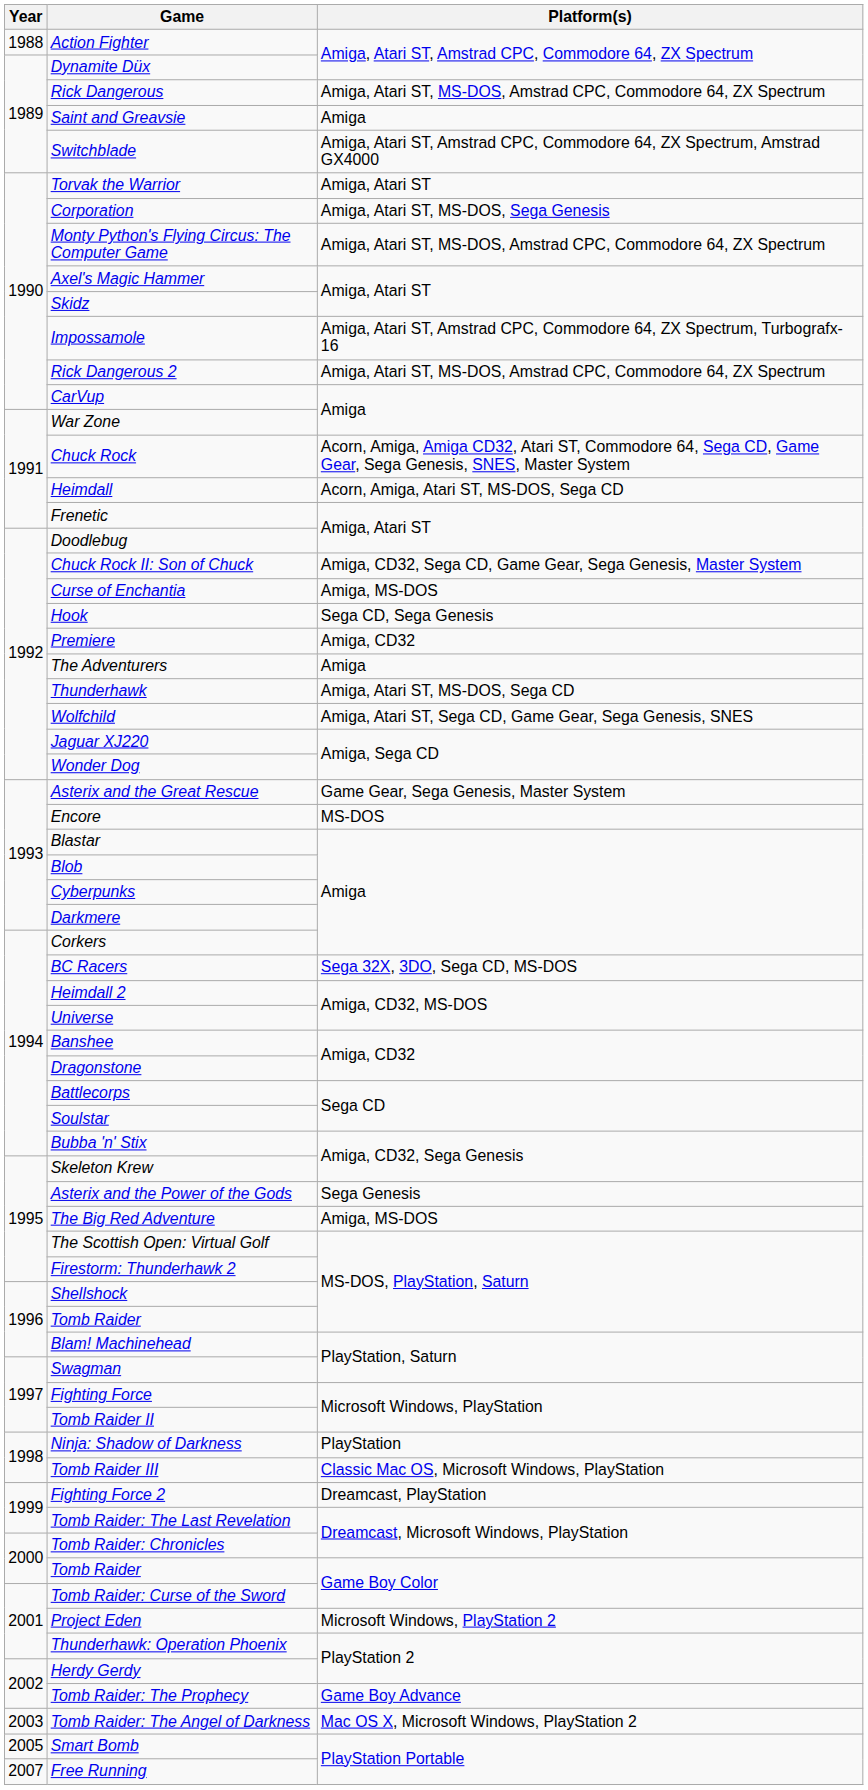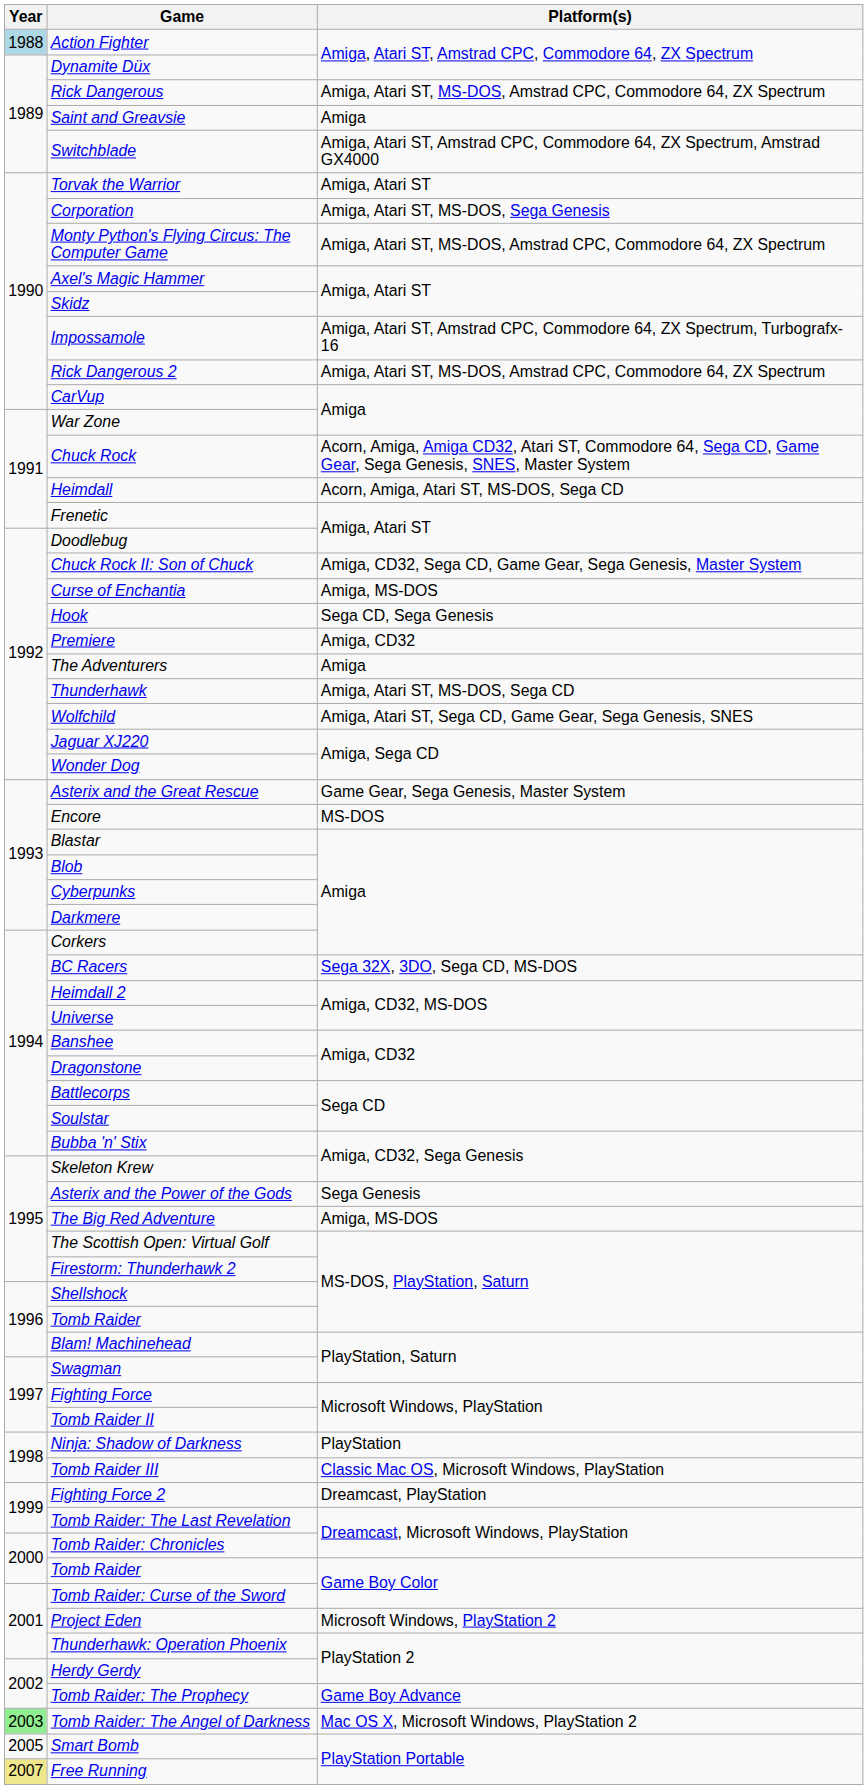 <table class="wikitable sortable">
 <tr>
 <th>Year</th>
 <th>Game</th>
 <th>Platform(s)</th>
 </tr>
 <tr>
-<td>1988</td>
+<td style="background: lightblue;">1988</td>
 <td><em><a href='#'>Action Fighter</a></em></td>
 <td rowspan="2"><a href='#'>Amiga</a>, <a href='#'>Atari ST</a>, <a href='#'>Amstrad CPC</a>, <a href='#'>Commodore 64</a>, <a href='#'>ZX Spectrum</a></td>
 </tr>
 <tr>
 <td rowspan="4">1989</td>
 <td><em><a href='#'>Dynamite Düx</a></em></td>
 </tr>
 <tr>
 <td><em><a href='#'>Rick Dangerous</a></em></td>
 <td>Amiga, Atari ST, <a href='#'>MS-DOS</a>, Amstrad CPC, Commodore 64, ZX Spectrum</td>
 </tr>
 <tr>
 <td><em><a href='#'>Saint and Greavsie</a></em></td>
 <td>Amiga</td>
 </tr>
 <tr>
 <td><em><a href='#'>Switchblade</a></em></td>
 <td>Amiga, Atari ST, Amstrad CPC, Commodore 64, ZX Spectrum, Amstrad GX4000</td>
 </tr>
 <tr>
 <td rowspan="8">1990</td>
 <td><em><a href='#'>Torvak the Warrior</a></em></td>
 <td>Amiga, Atari ST</td>
 </tr>
 <tr>
 <td><em><a href='#'>Corporation</a></em></td>
 <td>Amiga, Atari ST, MS-DOS, <a href='#'>Sega Genesis</a></td>
 </tr>
 <tr>
 <td><em><a href='#'>Monty Python's Flying Circus: The Computer Game</a></em></td>
 <td>Amiga, Atari ST, MS-DOS, Amstrad CPC, Commodore 64, ZX Spectrum</td>
 </tr>
 <tr>
 <td><em><a href='#'>Axel's Magic Hammer</a></em></td>
 <td rowspan="2">Amiga, Atari ST</td>
 </tr>
 <tr>
 <td><em><a href='#'>Skidz</a></em></td>
 </tr>
 <tr>
 <td><em><a href='#'>Impossamole</a></em></td>
 <td>Amiga, Atari ST, Amstrad CPC, Commodore 64, ZX Spectrum, Turbografx-16</td>
 </tr>
 <tr>
 <td><em><a href='#'>Rick Dangerous 2</a></em></td>
 <td>Amiga, Atari ST, MS-DOS, Amstrad CPC, Commodore 64, ZX Spectrum</td>
 </tr>
 <tr>
 <td><em><a href='#'>CarVup</a></em></td>
 <td rowspan="2">Amiga</td>
 </tr>
 <tr>
 <td rowspan="4">1991</td>
 <td><em>War Zone</em></td>
 </tr>
 <tr>
 <td><em><a href='#'>Chuck Rock</a></em></td>
 <td>Acorn, Amiga, <a href='#'>Amiga CD32</a>, Atari ST, Commodore 64, <a href='#'>Sega CD</a>, <a href='#'>Game Gear</a>, Sega Genesis, <a href='#'>SNES</a>, Master System</td>
 </tr>
 <tr>
 <td><em><a href='#'>Heimdall</a></em></td>
 <td>Acorn, Amiga, Atari ST, MS-DOS, Sega CD</td>
 </tr>
 <tr>
 <td><em>Frenetic</em></td>
 <td rowspan="2">Amiga, Atari ST</td>
 </tr>
 <tr>
 <td rowspan="10">1992</td>
 <td><em>Doodlebug</em></td>
 </tr>
 <tr>
 <td><em><a href='#'>Chuck Rock II: Son of Chuck</a></em></td>
 <td>Amiga, CD32, Sega CD, Game Gear, Sega Genesis, <a href='#'>Master System</a></td>
 </tr>
 <tr>
 <td><em><a href='#'>Curse of Enchantia</a></em></td>
 <td>Amiga, MS-DOS</td>
 </tr>
 <tr>
 <td><em><a href='#'>Hook</a></em></td>
 <td>Sega CD, Sega Genesis</td>
 </tr>
 <tr>
 <td><em><a href='#'>Premiere</a></em></td>
 <td>Amiga, CD32</td>
 </tr>
 <tr>
 <td><em>The Adventurers</em></td>
 <td>Amiga</td>
 </tr>
 <tr>
 <td><em><a href='#'>Thunderhawk</a></em></td>
 <td>Amiga, Atari ST, MS-DOS, Sega CD</td>
 </tr>
 <tr>
 <td><em><a href='#'>Wolfchild</a></em></td>
 <td>Amiga, Atari ST, Sega CD, Game Gear, Sega Genesis, SNES</td>
 </tr>
 <tr>
 <td><em><a href='#'>Jaguar XJ220</a></em></td>
 <td rowspan="2">Amiga, Sega CD</td>
 </tr>
 <tr>
 <td><em><a href='#'>Wonder Dog</a></em></td>
 </tr>
 <tr>
 <td rowspan="6">1993</td>
 <td><em><a href='#'>Asterix and the Great Rescue</a></em></td>
 <td>Game Gear, Sega Genesis, Master System</td>
 </tr>
 <tr>
 <td><em>Encore</em></td>
 <td>MS-DOS</td>
 </tr>
 <tr>
 <td><em>Blastar</em></td>
 <td rowspan="5">Amiga</td>
 </tr>
 <tr>
 <td><em><a href='#'>Blob</a></em></td>
 </tr>
 <tr>
 <td><em><a href='#'>Cyberpunks</a></em></td>
 </tr>
 <tr>
 <td><em><a href='#'>Darkmere</a></em></td>
 </tr>
 <tr>
 <td rowspan="9">1994</td>
 <td><em>Corkers</em></td>
 </tr>
 <tr>
 <td><em><a href='#'>BC Racers</a></em></td>
 <td><a href='#'>Sega 32X</a>, <a href='#'>3DO</a>, Sega CD, MS-DOS</td>
 </tr>
 <tr>
 <td><em><a href='#'>Heimdall 2</a></em></td>
 <td rowspan="2">Amiga, CD32, MS-DOS</td>
 </tr>
 <tr>
 <td><em><a href='#'>Universe</a></em></td>
 </tr>
 <tr>
 <td><em><a href='#'>Banshee</a></em></td>
 <td rowspan="2">Amiga, CD32</td>
 </tr>
 <tr>
 <td><em><a href='#'>Dragonstone</a></em></td>
 </tr>
 <tr>
 <td><em><a href='#'>Battlecorps</a></em></td>
 <td rowspan="2">Sega CD</td>
 </tr>
 <tr>
 <td><em><a href='#'>Soulstar</a></em></td>
 </tr>
 <tr>
 <td><em><a href='#'>Bubba 'n' Stix</a></em></td>
 <td rowspan="2">Amiga, CD32, Sega Genesis</td>
 </tr>
 <tr>
 <td rowspan="5">1995</td>
 <td><em>Skeleton Krew</em></td>
 </tr>
 <tr>
 <td><em><a href='#'>Asterix and the Power of the Gods</a></em></td>
 <td>Sega Genesis</td>
 </tr>
 <tr>
 <td><em><a href='#'>The Big Red Adventure</a></em></td>
 <td>Amiga, MS-DOS</td>
 </tr>
 <tr>
 <td><em>The Scottish Open: Virtual Golf</em></td>
 <td rowspan="4">MS-DOS, <a href='#'>PlayStation</a>, <a href='#'>Saturn</a></td>
 </tr>
 <tr>
 <td><em><a href='#'>Firestorm: Thunderhawk 2</a></em></td>
 </tr>
 <tr>
 <td rowspan="3">1996</td>
 <td><em><a href='#'>Shellshock</a></em></td>
 </tr>
 <tr>
 <td><em><a href='#'>Tomb Raider</a></em></td>
 </tr>
 <tr>
 <td><em><a href='#'>Blam! Machinehead</a></em></td>
 <td rowspan="2">PlayStation, Saturn</td>
 </tr>
 <tr>
 <td rowspan="3">1997</td>
 <td><em><a href='#'>Swagman</a></em></td>
 </tr>
 <tr>
 <td><em><a href='#'>Fighting Force</a></em></td>
 <td rowspan="2">Microsoft Windows, PlayStation</td>
 </tr>
 <tr>
 <td><em><a href='#'>Tomb Raider II</a></em></td>
 </tr>
 <tr>
 <td rowspan="2">1998</td>
 <td><em><a href='#'>Ninja: Shadow of Darkness</a></em></td>
 <td>PlayStation</td>
 </tr>
 <tr>
 <td><em><a href='#'>Tomb Raider III</a></em></td>
 <td><a href='#'>Classic Mac OS</a>, Microsoft Windows, PlayStation</td>
 </tr>
 <tr>
 <td rowspan="2">1999</td>
 <td><em><a href='#'>Fighting Force 2</a></em></td>
 <td>Dreamcast, PlayStation</td>
 </tr>
 <tr>
 <td><em><a href='#'>Tomb Raider: The Last Revelation</a></em></td>
 <td rowspan="2"><a href='#'>Dreamcast</a>, Microsoft Windows, PlayStation</td>
 </tr>
 <tr>
 <td rowspan="2">2000</td>
 <td><em><a href='#'>Tomb Raider: Chronicles</a></em></td>
 </tr>
 <tr>
 <td><em><a href='#'>Tomb Raider</a></em></td>
 <td rowspan="2"><a href='#'>Game Boy Color</a></td>
 </tr>
 <tr>
 <td rowspan="3">2001</td>
 <td><em><a href='#'>Tomb Raider: Curse of the Sword</a></em></td>
 </tr>
 <tr>
 <td><em><a href='#'>Project Eden</a></em></td>
 <td>Microsoft Windows, <a href='#'>PlayStation 2</a></td>
 </tr>
 <tr>
 <td><em><a href='#'>Thunderhawk: Operation Phoenix</a></em></td>
 <td rowspan="2">PlayStation 2</td>
 </tr>
 <tr>
 <td rowspan="2">2002</td>
 <td><em><a href='#'>Herdy Gerdy</a></em></td>
 </tr>
 <tr>
 <td><em><a href='#'>Tomb Raider: The Prophecy</a></em></td>
 <td><a href='#'>Game Boy Advance</a></td>
 </tr>
 <tr>
-<td>2003</td>
+<td style="background: lightgreen;">2003</td>
 <td><em><a href='#'>Tomb Raider: The Angel of Darkness</a></em></td>
 <td><a href='#'>Mac OS X</a>, Microsoft Windows, PlayStation 2</td>
 </tr>
 <tr>
 <td>2005</td>
 <td><em><a href='#'>Smart Bomb</a></em></td>
 <td rowspan=2><a href='#'>PlayStation Portable</a></td>
 </tr>
 <tr>
-<td>2007</td>
+<td style="background: khaki;">2007</td>
 <td><em><a href='#'>Free Running</a></em></td>
 </tr>
 </table>
